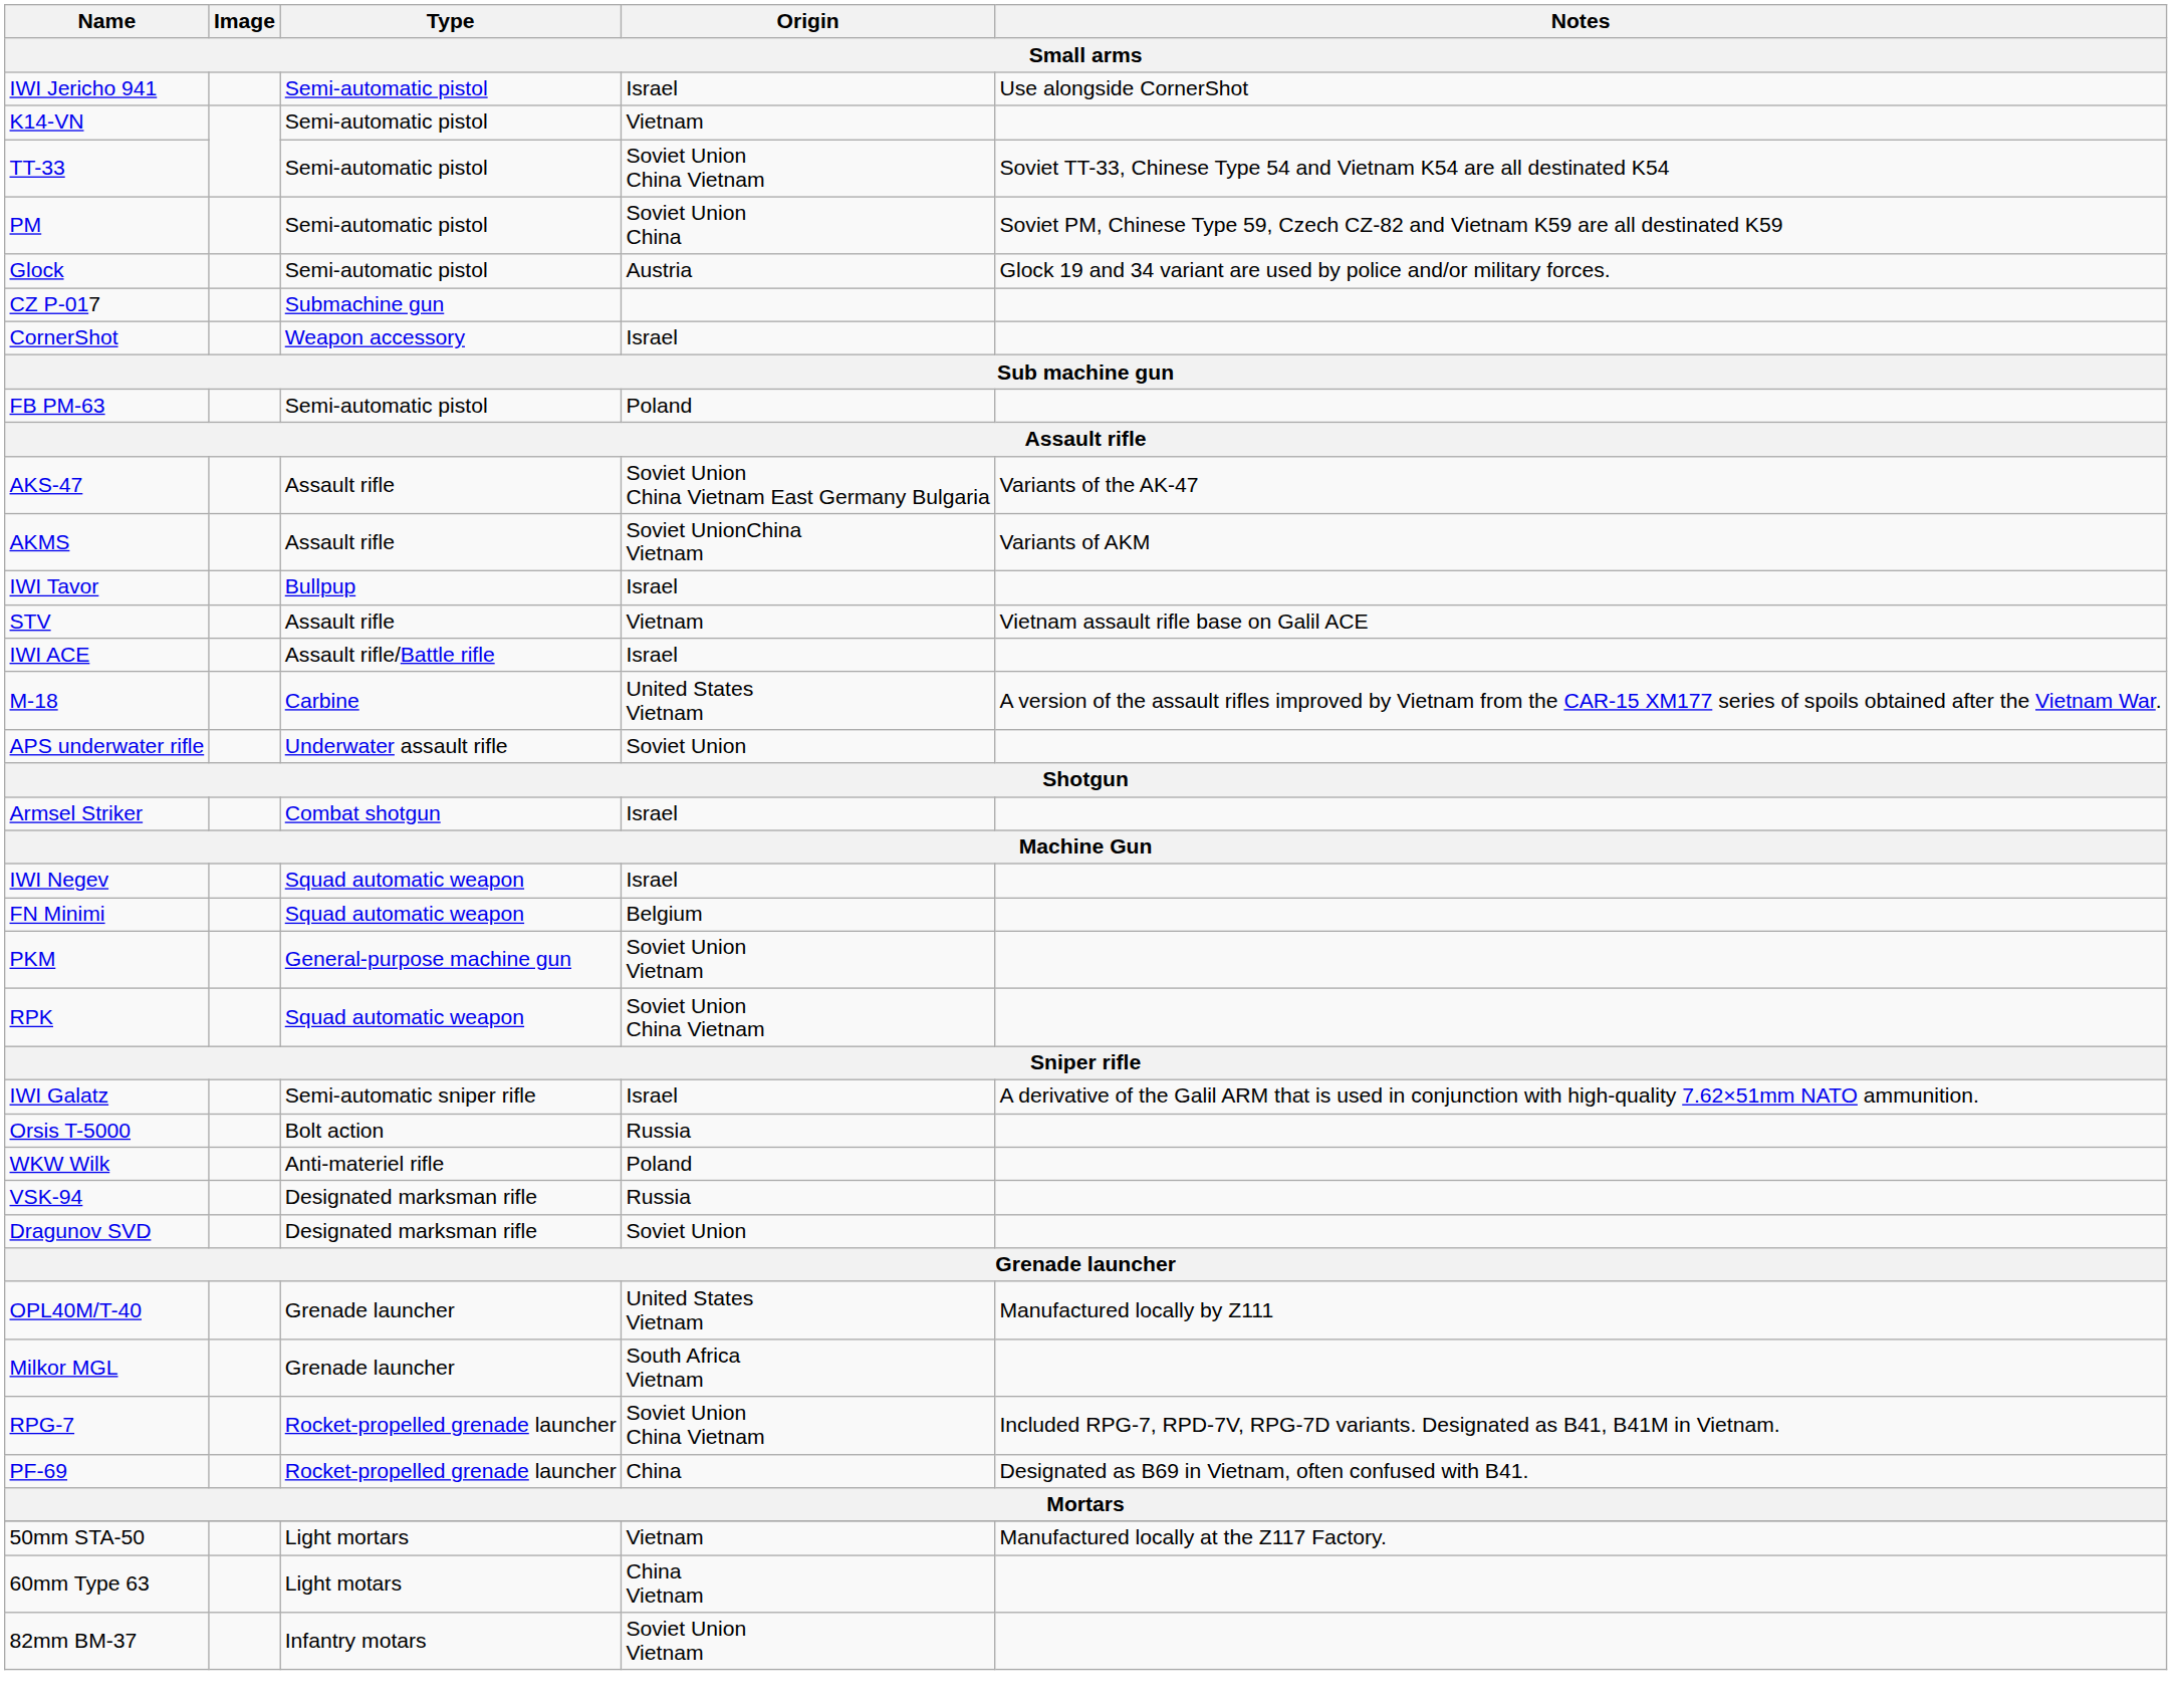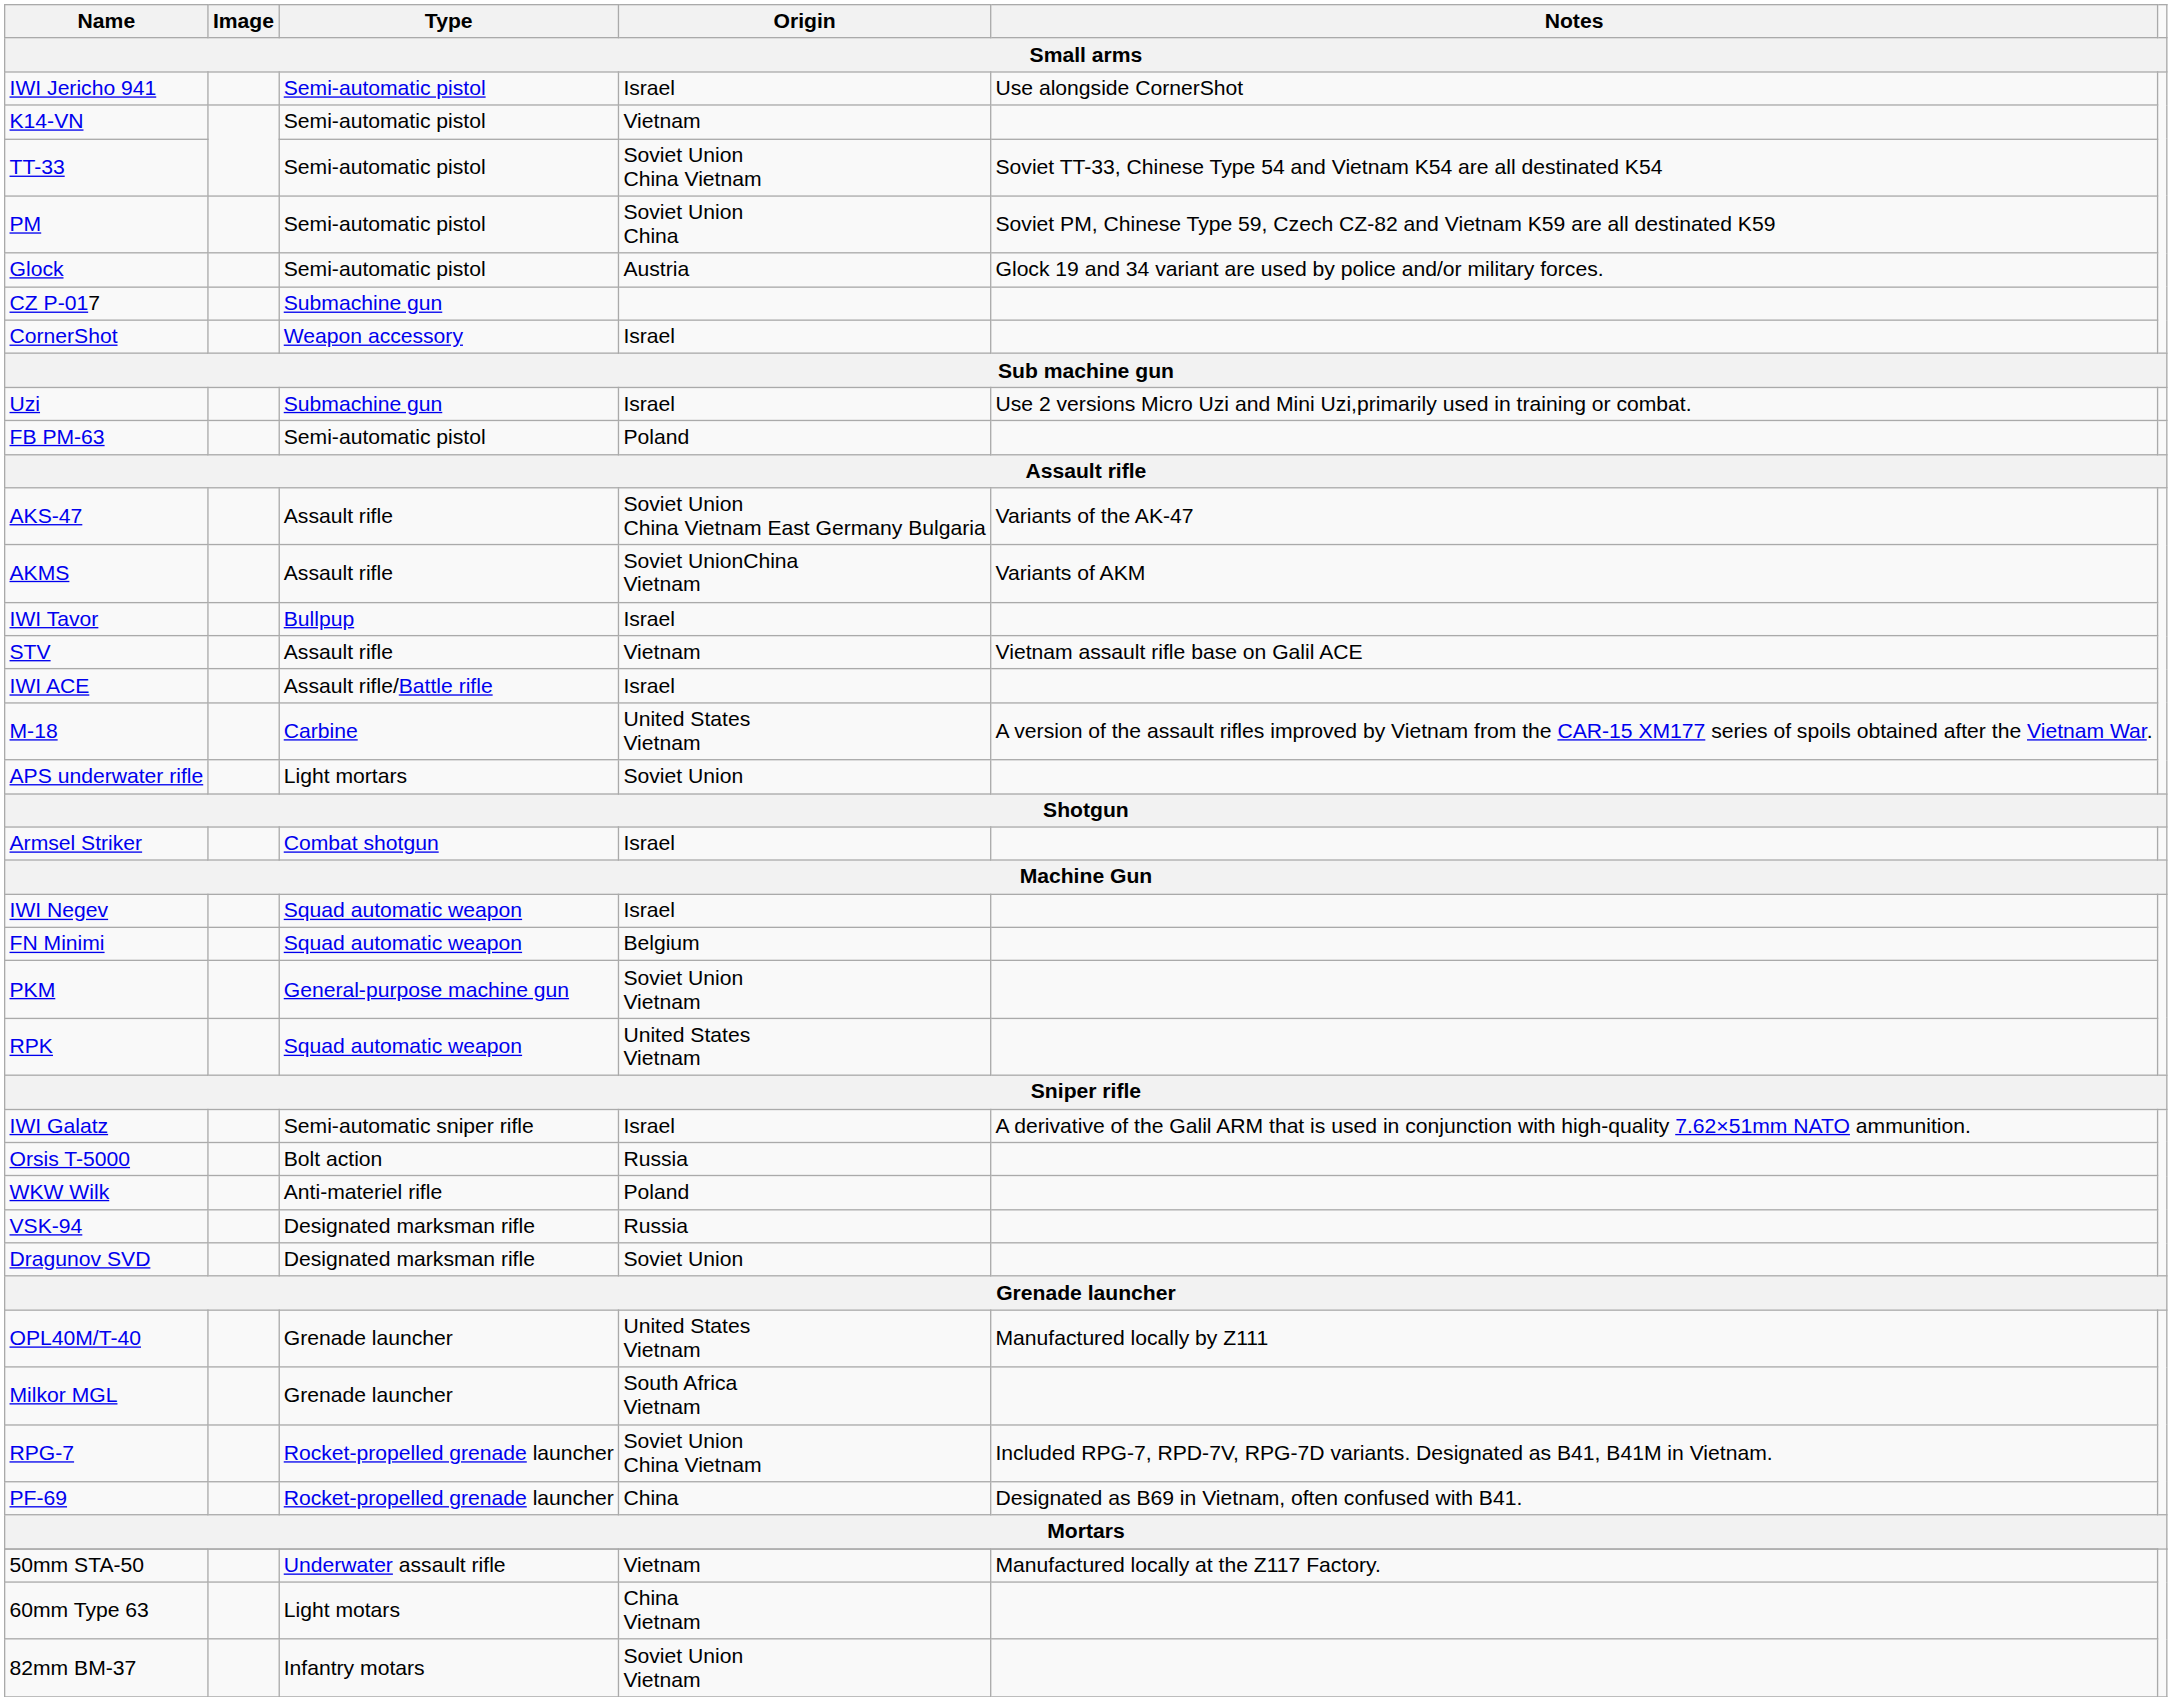 <table class="wikitable">
 <tr>
 <th>Name</th>
 <th>Image</th>
 <th>Type</th>
 <th>Origin</th>
 <th>Notes</th>
 </tr>
 <tr>
 <th colspan="6">Small arms</th>
 </tr>
 <tr>
 <td><a href='#'>IWI Jericho 941</a></td>
 <td></td>
 <td><a href='#'>Semi-automatic pistol</a></td>
 <td>Israel</td>
 <td>Use alongside CornerShot</td>
 </tr>
 <tr>
 <td><a href='#'>K14-VN</a></td>
 <td rowspan="2"></td>
 <td>Semi-automatic pistol</td>
 <td>Vietnam</td>
 <td></td>
 </tr>
 <tr>
 <td><a href='#'>TT-33</a></td>
 <td>Semi-automatic pistol</td>
 <td>Soviet Union<br>China Vietnam</td>
 <td>Soviet TT-33, Chinese Type 54 and Vietnam K54 are all destinated K54</td>
 </tr>
 <tr>
 <td><a href='#'>PM</a></td>
 <td></td>
 <td>Semi-automatic pistol</td>
 <td>Soviet Union<br>China </td>
 <td>Soviet PM, Chinese Type 59, Czech CZ-82 and Vietnam K59 are all destinated K59</td>
 </tr>
 <tr>
 <td><a href='#'>Glock</a></td>
 <td></td>
 <td>Semi-automatic pistol</td>
 <td>Austria</td>
 <td>Glock 19 and 34 variant are used by police and/or military forces.</td>
 </tr>
 <tr>
 <td><a href='#'>CZ P-01</a>7</td>
 <td></td>
 <td><a href='#'>Submachine gun</a></td>
 <td></td>
 <td></td>
 </tr>
 <tr>
 <td><a href='#'>CornerShot</a></td>
 <td></td>
 <td><a href='#'>Weapon accessory</a></td>
 <td>Israel</td>
 <td></td>
 </tr>
 <tr>
 <th colspan="6">Sub machine gun</th>
 </tr>
 <tr>
+<td><a href='#'>Uzi</a></td>
+<td></td>
+<td><a href='#'>Submachine gun</a></td>
+<td>Israel</td>
+<td>Use 2 versions Micro Uzi and Mini Uzi,primarily used in training or combat.</td>
+<td></td>
+</tr>
+<tr>
 <td><a href='#'>FB PM-63</a></td>
 <td></td>
 <td>Semi-automatic pistol</td>
 <td>Poland</td>
 <td></td>
 </tr>
 <tr>
 <th colspan="6">Assault rifle</th>
 </tr>
 <tr>
 <td><a href='#'>AKS-47</a></td>
 <td></td>
 <td>Assault rifle</td>
 <td>Soviet Union<br>China Vietnam East Germany Bulgaria</td>
 <td>Variants of the AK-47</td>
 </tr>
 <tr>
 <td><a href='#'>AKMS</a></td>
 <td></td>
 <td>Assault rifle</td>
 <td>Soviet UnionChina<br>Vietnam </td>
 <td>Variants of AKM</td>
 </tr>
 <tr>
 <td><a href='#'>IWI Tavor</a></td>
 <td></td>
 <td><a href='#'>Bullpup</a></td>
 <td>Israel</td>
 <td></td>
 </tr>
 <tr>
 <td><a href='#'>STV</a></td>
 <td></td>
 <td>Assault rifle</td>
 <td>Vietnam</td>
 <td>Vietnam assault rifle base on Galil ACE</td>
 </tr>
 <tr>
 <td><a href='#'>IWI ACE</a></td>
 <td></td>
 <td>Assault rifle/<a href='#'>Battle rifle</a></td>
 <td>Israel</td>
 <td></td>
 </tr>
 <tr>
 <td><a href='#'>M-18</a></td>
 <td></td>
 <td><a href='#'>Carbine</a></td>
 <td>United States<br>Vietnam</td>
 <td>A version of the assault rifles improved by Vietnam from the <a href='#'>CAR-15 XM177</a> series of spoils obtained after the <a href='#'>Vietnam War</a>.</td>
 </tr>
 <tr>
 <td><a href='#'>APS underwater rifle</a></td>
 <td></td>
-<td><a href='#'>Underwater</a> assault rifle</td>
+<td>Light mortars</td>
 <td>Soviet Union</td>
 <td></td>
 </tr>
 <tr>
 <th colspan="6">Shotgun</th>
 </tr>
 <tr>
 <td><a href='#'>Armsel Striker</a></td>
 <td></td>
 <td><a href='#'>Combat shotgun</a></td>
 <td>Israel</td>
 <td></td>
 </tr>
 <tr>
 <th colspan="6">Machine Gun</th>
 </tr>
 <tr>
 <td><a href='#'>IWI Negev</a></td>
 <td></td>
 <td><a href='#'>Squad automatic weapon</a></td>
 <td>Israel</td>
 <td></td>
 </tr>
 <tr>
 <td><a href='#'>FN Minimi</a></td>
 <td></td>
 <td><a href='#'>Squad automatic weapon</a></td>
 <td>Belgium</td>
 <td></td>
 </tr>
 <tr>
 <td><a href='#'>PKM</a></td>
 <td></td>
 <td><a href='#'>General-purpose machine gun</a></td>
 <td>Soviet Union<br>Vietnam</td>
 <td></td>
 </tr>
 <tr>
 <td><a href='#'>RPK</a></td>
 <td></td>
 <td><a href='#'>Squad automatic weapon</a></td>
-<td>Soviet Union<br>China Vietnam</td>
+<td>United States<br>Vietnam</td>
 <td></td>
 </tr>
 <tr>
 <th colspan="6">Sniper rifle</th>
 </tr>
 <tr>
 <td><a href='#'>IWI Galatz</a></td>
 <td></td>
 <td>Semi-automatic sniper rifle</td>
 <td>Israel</td>
 <td>A derivative of the Galil ARM that is used in conjunction with high-quality <a href='#'>7.62×51mm NATO</a> ammunition.</td>
 </tr>
 <tr>
 <td><a href='#'>Orsis T-5000</a></td>
 <td></td>
 <td>Bolt action</td>
 <td>Russia</td>
 <td></td>
 </tr>
 <tr>
 <td><a href='#'>WKW Wilk</a></td>
 <td></td>
 <td>Anti-materiel rifle</td>
 <td>Poland</td>
 <td></td>
 </tr>
 <tr>
 <td><a href='#'>VSK-94</a></td>
 <td></td>
 <td>Designated marksman rifle</td>
 <td>Russia</td>
 <td></td>
 </tr>
 <tr>
 <td><a href='#'>Dragunov SVD</a></td>
 <td></td>
 <td>Designated marksman rifle</td>
 <td>Soviet Union</td>
 <td></td>
 </tr>
 <tr>
 <th colspan="6">Grenade launcher</th>
 </tr>
 <tr>
 <td><a href='#'>OPL40M/T-40</a></td>
 <td></td>
 <td>Grenade launcher</td>
 <td>United States<br>Vietnam</td>
 <td>Manufactured locally by Z111</td>
 </tr>
 <tr>
 <td><a href='#'>Milkor MGL</a></td>
 <td></td>
 <td>Grenade launcher</td>
 <td>South Africa<br>Vietnam</td>
 <td></td>
 </tr>
 <tr>
 <td><a href='#'>RPG-7</a></td>
 <td></td>
 <td><a href='#'>Rocket-propelled grenade</a> launcher</td>
 <td>Soviet Union<br>China Vietnam</td>
 <td>Included RPG-7, RPD-7V, RPG-7D variants. Designated as B41, B41M in Vietnam.</td>
 </tr>
 <tr>
 <td><a href='#'>PF-69</a></td>
 <td></td>
 <td><a href='#'>Rocket-propelled grenade</a> launcher</td>
 <td>China</td>
 <td>Designated as B69 in Vietnam, often confused with B41.</td>
 </tr>
 <tr>
 <th colspan="6">Mortars</th>
 </tr>
 <tr>
 </tr>
 <tr>
 <td>50mm STA-50</td>
 <td></td>
-<td>Light mortars</td>
+<td><a href='#'>Underwater</a> assault rifle</td>
 <td>Vietnam</td>
 <td>Manufactured locally at the Z117 Factory.</td>
 </tr>
 <tr>
 <td>60mm Type 63</td>
 <td></td>
 <td>Light motars</td>
 <td>China<br>Vietnam</td>
 <td></td>
 </tr>
 <tr>
 <td>82mm BM-37</td>
 <td></td>
 <td>Infantry motars</td>
 <td>Soviet Union<br>Vietnam</td>
 <td></td>
 </tr>
 </table>
